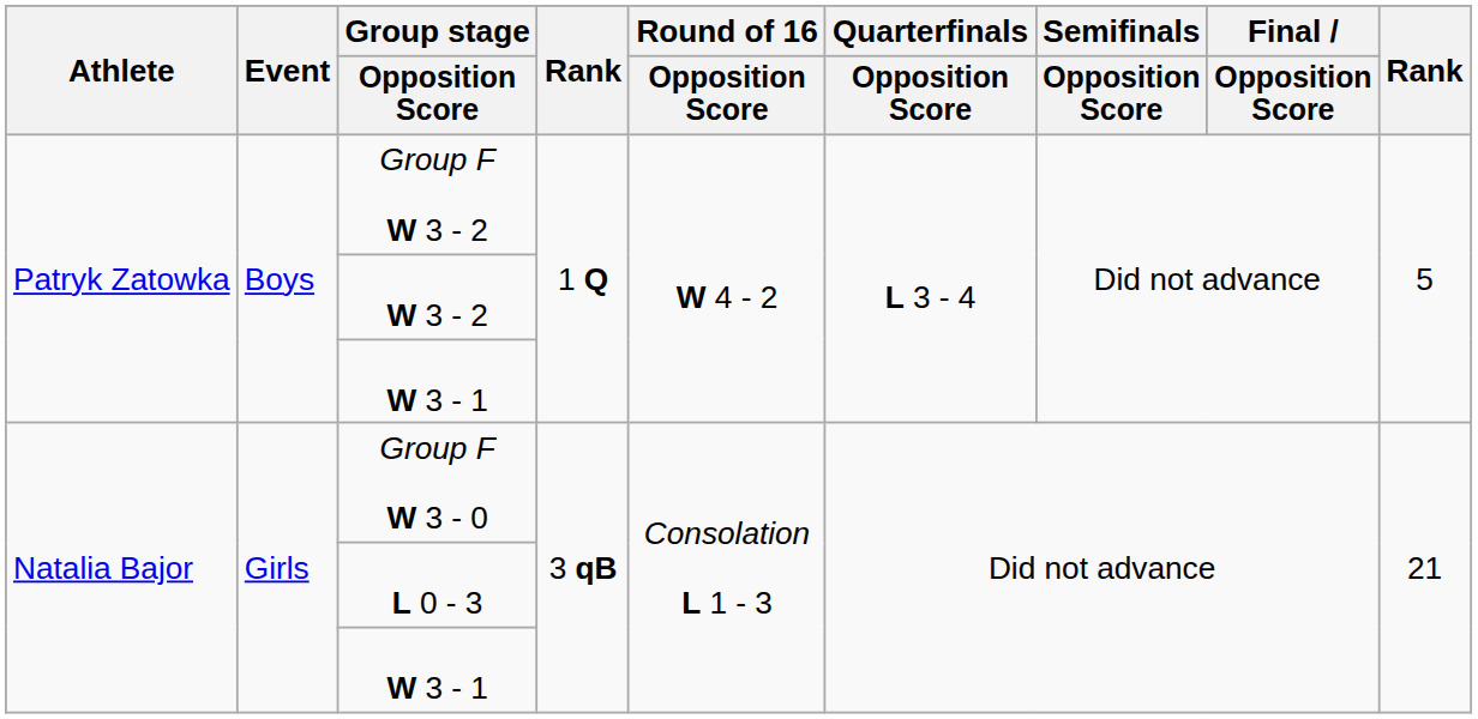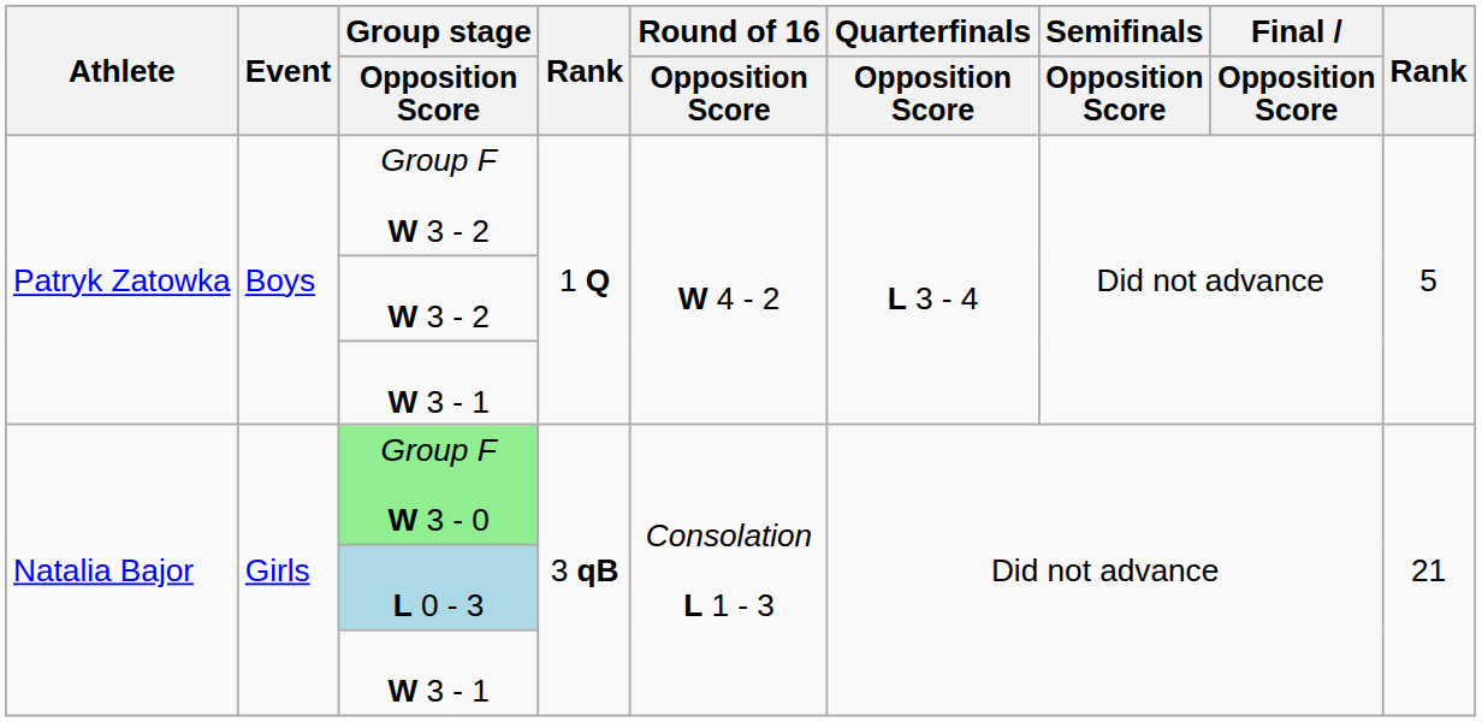 <table class=wikitable style="font-size:90%">
 <tr>
 <th rowspan="2">Athlete</th>
 <th rowspan="2">Event</th>
 <th>Group stage</th>
 <th rowspan="2">Rank</th>
 <th>Round of 16</th>
 <th>Quarterfinals</th>
 <th>Semifinals</th>
 <th>Final / </th>
 <th rowspan=2>Rank</th>
 </tr>
 <tr style="font-size:95%">
 <th>Opposition<br>Score</th>
 <th>Opposition<br>Score</th>
 <th>Opposition<br>Score</th>
 <th>Opposition<br>Score</th>
 <th>Opposition<br>Score</th>
 </tr>
 <tr align=center>
 <td align=left rowspan=3><a href='#'>Patryk Zatowka</a></td>
 <td align=left rowspan=3><a href='#'>Boys</a></td>
 <td><em>Group F</em><br><br><strong>W</strong> 3 - 2</td>
 <td rowspan=3>1 <strong>Q</strong></td>
 <td rowspan=3><br><strong>W</strong> 4 - 2</td>
 <td rowspan=3><br><strong>L</strong> 3 - 4</td>
 <td rowspan=3 colspan=2>Did not advance</td>
 <td rowspan=3>5</td>
 </tr>
 <tr align=center>
 <td><br><strong>W</strong> 3 - 2</td>
 </tr>
 <tr align=center>
 <td><br><strong>W</strong> 3 - 1</td>
 </tr>
 <tr align=center>
 <td align=left rowspan=3><a href='#'>Natalia Bajor</a></td>
 <td align=left rowspan=3><a href='#'>Girls</a></td>
-<td><em>Group F</em><br><br><strong>W</strong> 3 - 0</td>
+<td style="background: lightgreen;"><em>Group F</em><br><br><strong>W</strong> 3 - 0</td>
 <td rowspan=3>3 <strong>qB</strong></td>
 <td rowspan=3><em>Consolation</em><br><br><strong>L</strong> 1 - 3</td>
 <td rowspan=3 colspan=3>Did not advance</td>
 <td rowspan=3>21</td>
 </tr>
 <tr align=center>
-<td><br><strong>L</strong> 0 - 3</td>
+<td style="background: lightblue;"><br><strong>L</strong> 0 - 3</td>
 </tr>
 <tr align=center>
 <td><br><strong>W</strong> 3 - 1</td>
 </tr>
 </table>
